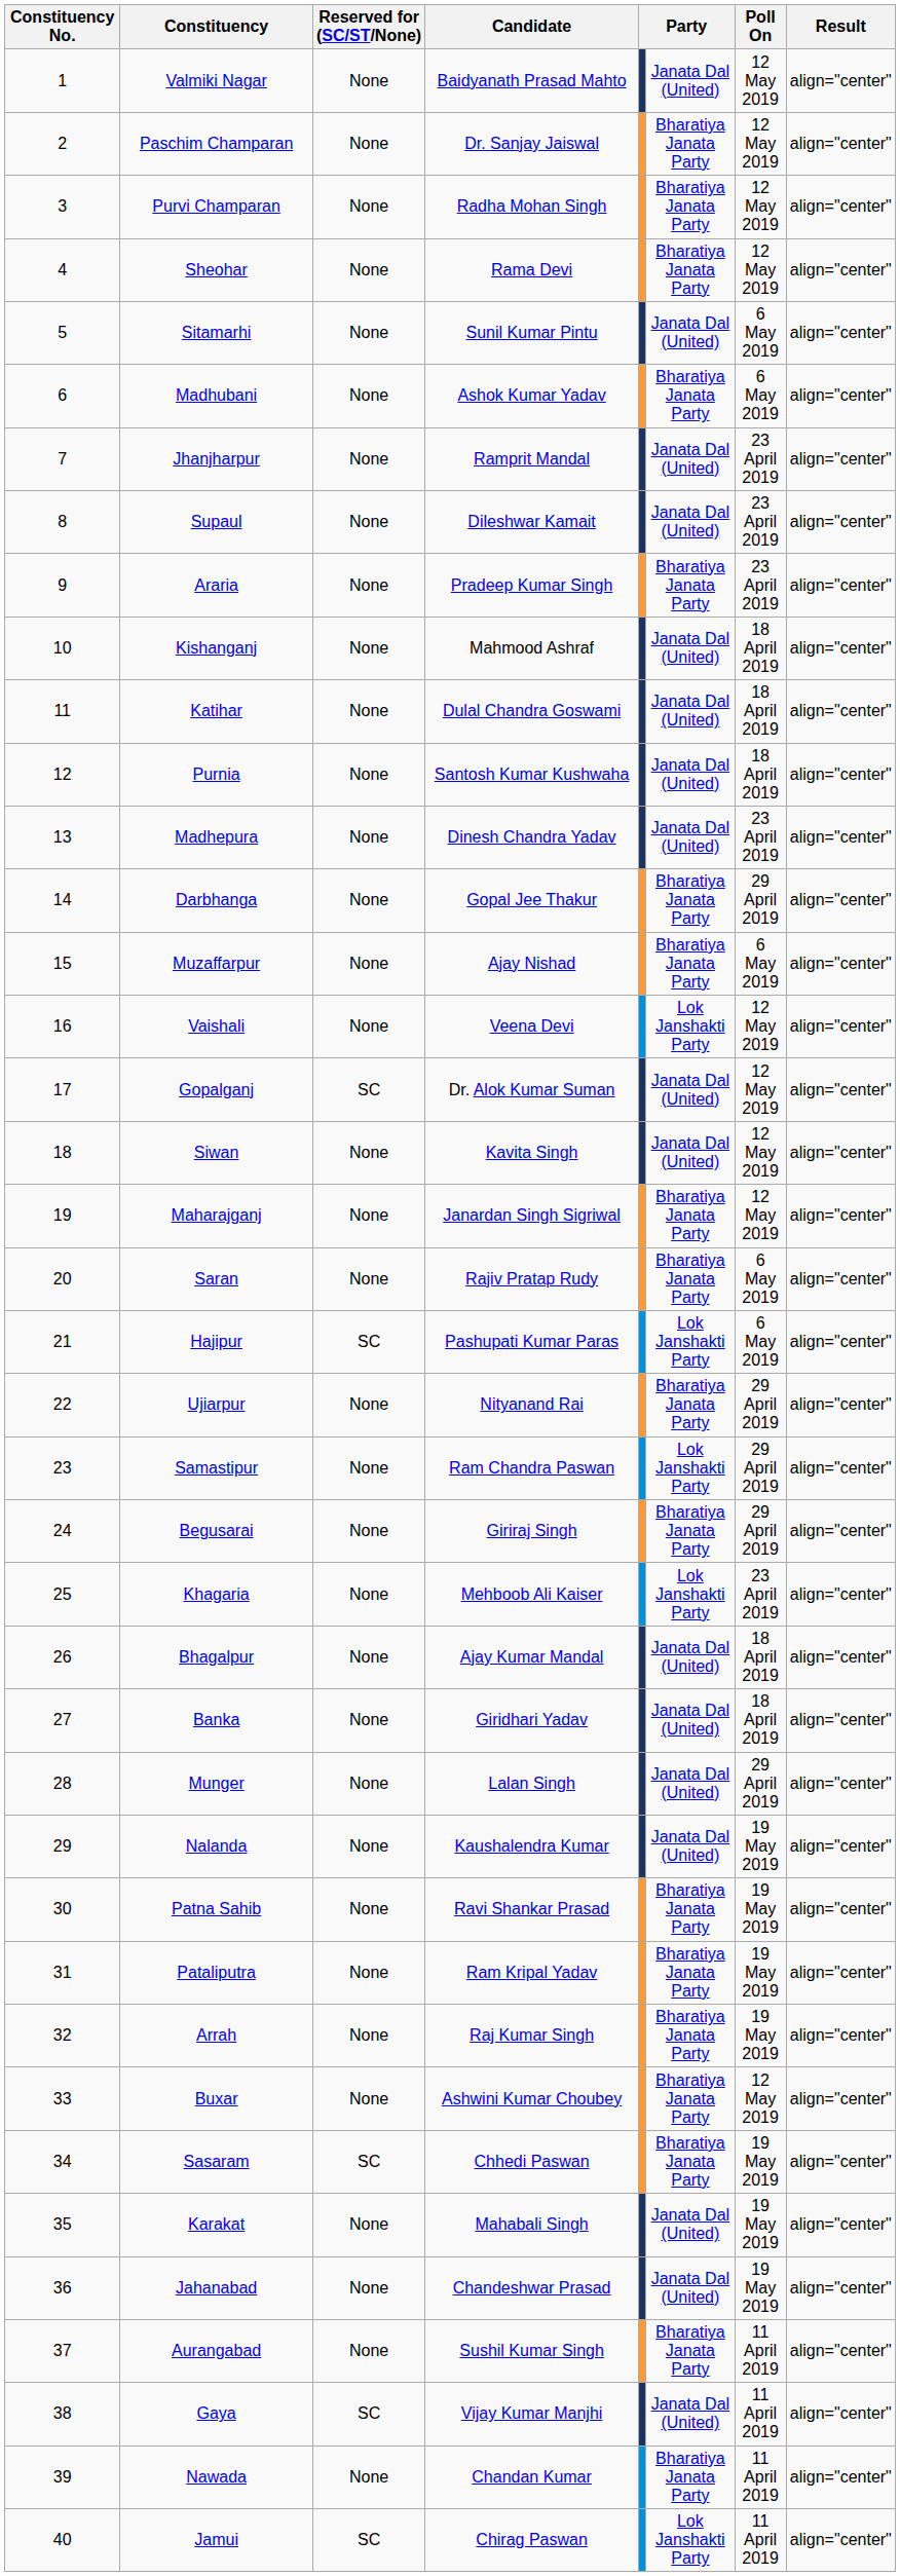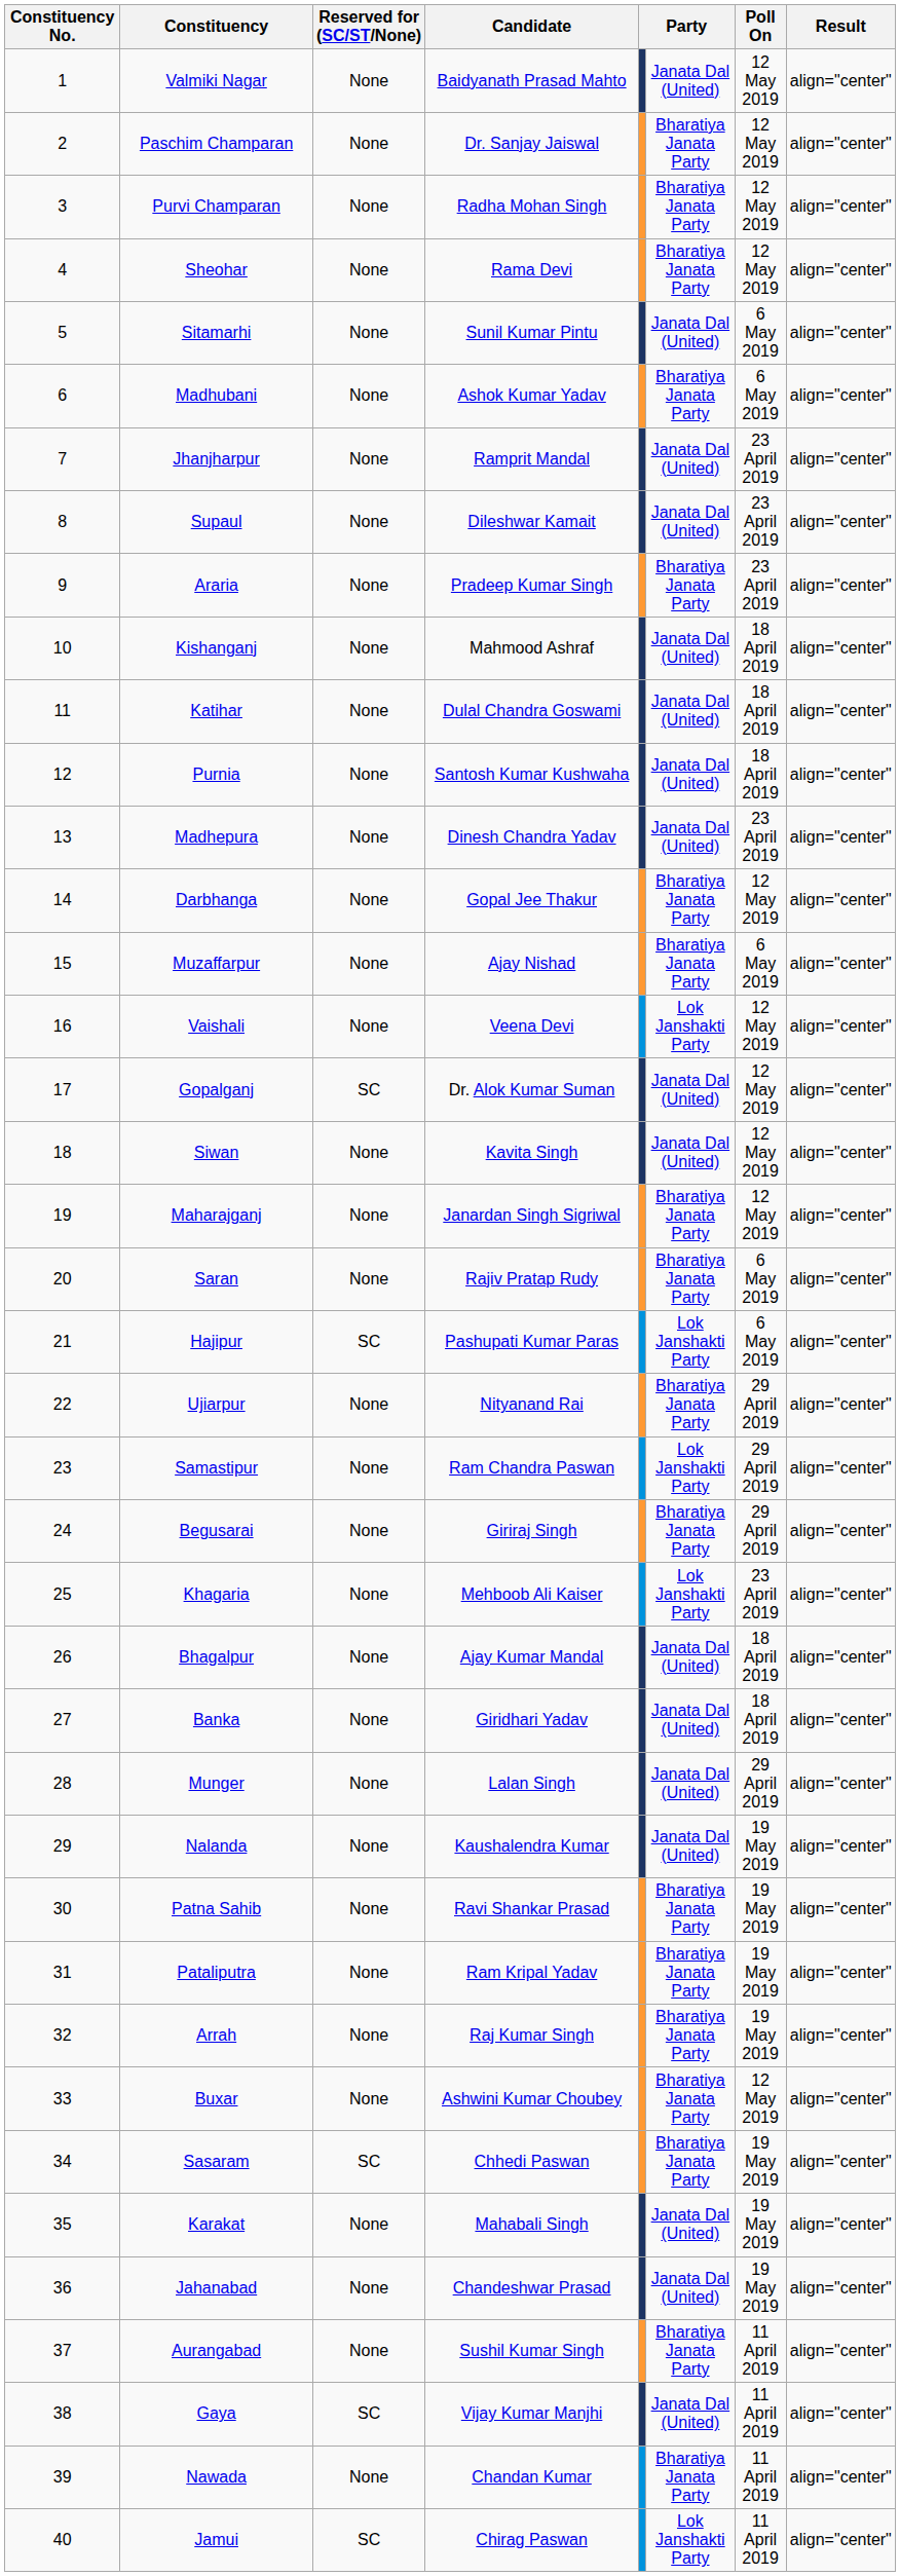 <table class="wikitable sortable" style="text-align:center;">
 <tr>
 <th>Constituency No.</th>
 <th style="width:180px;">Constituency</th>
 <th>Reserved for<br>(<a href='#'>SC/ST</a>/None)</th>
 <th style="width:200px;">Candidate</th>
 <th colspan="2">Party</th>
 <th>Poll On</th>
 <th>Result</th>
 </tr>
 <tr>
 <td align="center">1</td>
 <td><a href='#'>Valmiki Nagar</a></td>
 <td align="center">None</td>
 <td><a href='#'>Baidyanath Prasad Mahto</a></td>
 <td style="color:inherit;background:#1D3463"></td>
 <td><a href='#'>Janata Dal (United)</a></td>
 <td align="center">12 May 2019</td>
 <td>align="center" </td>
 </tr>
 <tr>
 <td align="center">2</td>
 <td><a href='#'>Paschim Champaran</a></td>
 <td align="center">None</td>
 <td><a href='#'>Dr. Sanjay Jaiswal</a></td>
 <td bgcolor=#FF9933></td>
 <td><a href='#'>Bharatiya Janata Party</a></td>
 <td align="center">12 May 2019</td>
 <td>align="center" </td>
 </tr>
 <tr>
 <td align="center">3</td>
 <td><a href='#'>Purvi Champaran</a></td>
 <td align="center">None</td>
 <td><a href='#'>Radha Mohan Singh</a></td>
 <td bgcolor=#FF9933></td>
 <td><a href='#'>Bharatiya Janata Party</a></td>
 <td align="center">12 May 2019</td>
 <td>align="center" </td>
 </tr>
 <tr>
 <td align="center">4</td>
 <td><a href='#'>Sheohar</a></td>
 <td align="center">None</td>
 <td><a href='#'>Rama Devi</a></td>
 <td bgcolor=#FF9933></td>
 <td><a href='#'>Bharatiya Janata Party</a></td>
 <td align="center">12 May 2019</td>
 <td>align="center" </td>
 </tr>
 <tr>
 <td align="center">5</td>
 <td><a href='#'>Sitamarhi</a></td>
 <td align="center">None</td>
 <td><a href='#'>Sunil Kumar Pintu</a></td>
 <td bgcolor=#1D3463></td>
 <td><a href='#'>Janata Dal (United)</a></td>
 <td align="center">6 May 2019</td>
 <td>align="center" </td>
 </tr>
 <tr>
 <td align="center">6</td>
 <td><a href='#'>Madhubani</a></td>
 <td align="center">None</td>
 <td><a href='#'>Ashok Kumar Yadav</a></td>
 <td bgcolor=#FF9933></td>
 <td><a href='#'>Bharatiya Janata Party</a></td>
 <td align="center">6 May 2019</td>
 <td>align="center" </td>
 </tr>
 <tr>
 <td align="center">7</td>
 <td><a href='#'>Jhanjharpur</a></td>
 <td align="center">None</td>
 <td><a href='#'>Ramprit Mandal</a></td>
 <td bgcolor=#1D3463></td>
 <td><a href='#'>Janata Dal (United)</a></td>
 <td align="center">23 April 2019</td>
 <td>align="center" </td>
 </tr>
 <tr>
 <td align="center">8</td>
 <td><a href='#'>Supaul</a></td>
 <td align="center">None</td>
 <td><a href='#'>Dileshwar Kamait</a></td>
 <td bgcolor=#1D3463></td>
 <td><a href='#'>Janata Dal (United)</a></td>
 <td align="center">23 April 2019</td>
 <td>align="center" </td>
 </tr>
 <tr>
 <td align="center">9</td>
 <td><a href='#'>Araria</a></td>
 <td align="center">None</td>
 <td><a href='#'>Pradeep Kumar Singh</a></td>
 <td bgcolor=#FF9933></td>
 <td><a href='#'>Bharatiya Janata Party</a></td>
 <td align="center">23 April 2019</td>
 <td>align="center" </td>
 </tr>
 <tr>
 <td align="center">10</td>
 <td><a href='#'>Kishanganj</a></td>
 <td align="center">None</td>
 <td>Mahmood Ashraf</td>
 <td bgcolor=#1D3463></td>
 <td><a href='#'>Janata Dal (United)</a></td>
 <td align="center">18 April 2019</td>
 <td>align="center" </td>
 </tr>
 <tr>
 <td align="center">11</td>
 <td><a href='#'>Katihar</a></td>
 <td align="center">None</td>
 <td><a href='#'>Dulal Chandra Goswami</a></td>
 <td bgcolor=#1D3463></td>
 <td><a href='#'>Janata Dal (United)</a></td>
 <td align="center">18 April 2019</td>
 <td>align="center" </td>
 </tr>
 <tr>
 <td align="center">12</td>
 <td><a href='#'>Purnia</a></td>
 <td align="center">None</td>
 <td><a href='#'>Santosh Kumar Kushwaha</a></td>
 <td bgcolor=#1D3463></td>
 <td><a href='#'>Janata Dal (United)</a></td>
 <td align="center">18 April 2019</td>
 <td>align="center" </td>
 </tr>
 <tr>
 <td align="center">13</td>
 <td><a href='#'>Madhepura</a></td>
 <td align="center">None</td>
 <td><a href='#'>Dinesh Chandra Yadav</a></td>
 <td bgcolor=#1D3463></td>
 <td><a href='#'>Janata Dal (United)</a></td>
 <td align="center">23 April 2019</td>
 <td>align="center" </td>
 </tr>
 <tr>
 <td align="center">14</td>
 <td><a href='#'>Darbhanga</a></td>
 <td align="center">None</td>
 <td><a href='#'>Gopal Jee Thakur</a></td>
 <td bgcolor=#FF9933></td>
 <td><a href='#'>Bharatiya Janata Party</a></td>
-<td align="center">29 April 2019</td>
+<td align="center">12 May 2019</td>
 <td>align="center" </td>
 </tr>
 <tr>
 <td align="center">15</td>
 <td><a href='#'>Muzaffarpur</a></td>
 <td align="center">None</td>
 <td><a href='#'>Ajay Nishad</a></td>
 <td bgcolor=#FF9933></td>
 <td><a href='#'>Bharatiya Janata Party</a></td>
 <td align="center">6 May 2019</td>
 <td>align="center" </td>
 </tr>
 <tr>
 <td align="center">16</td>
 <td><a href='#'>Vaishali</a></td>
 <td align="center">None</td>
 <td><a href='#'>Veena Devi</a></td>
 <td bgcolor=#0093DD></td>
 <td><a href='#'>Lok Janshakti Party</a></td>
 <td align="center">12 May 2019</td>
 <td>align="center" </td>
 </tr>
 <tr>
 <td align="center">17</td>
 <td><a href='#'>Gopalganj</a></td>
 <td align="center">SC</td>
 <td>Dr. <a href='#'>Alok Kumar Suman</a></td>
 <td bgcolor=#1D3463></td>
 <td><a href='#'>Janata Dal (United)</a></td>
 <td align="center">12 May 2019</td>
 <td>align="center" </td>
 </tr>
 <tr>
 <td align="center">18</td>
 <td><a href='#'>Siwan</a></td>
 <td align="center">None</td>
 <td><a href='#'>Kavita Singh</a></td>
 <td bgcolor=#1D3463></td>
 <td><a href='#'>Janata Dal (United)</a></td>
 <td align="center">12 May 2019</td>
 <td>align="center" </td>
 </tr>
 <tr>
 <td align="center">19</td>
 <td><a href='#'>Maharajganj</a></td>
 <td align="center">None</td>
 <td><a href='#'>Janardan Singh Sigriwal</a></td>
 <td bgcolor=#FF9933></td>
 <td><a href='#'>Bharatiya Janata Party</a></td>
 <td align="center">12 May 2019</td>
 <td>align="center" </td>
 </tr>
 <tr>
 <td align="center">20</td>
 <td><a href='#'>Saran</a></td>
 <td align="center">None</td>
 <td><a href='#'>Rajiv Pratap Rudy</a></td>
 <td bgcolor=#FF9933></td>
 <td><a href='#'>Bharatiya Janata Party</a></td>
 <td align="center">6 May 2019</td>
 <td>align="center" </td>
 </tr>
 <tr>
 <td align="center">21</td>
 <td><a href='#'>Hajipur</a></td>
 <td align="center">SC</td>
 <td><a href='#'>Pashupati Kumar Paras</a></td>
 <td bgcolor=#0093DD></td>
 <td><a href='#'>Lok Janshakti Party</a></td>
 <td align="center">6 May 2019</td>
 <td>align="center" </td>
 </tr>
 <tr>
 <td align="center">22</td>
 <td><a href='#'>Ujiarpur</a></td>
 <td align="center">None</td>
 <td><a href='#'>Nityanand Rai</a></td>
 <td bgcolor=#FF9933></td>
 <td><a href='#'>Bharatiya Janata Party</a></td>
 <td align="center">29 April 2019</td>
 <td>align="center" </td>
 </tr>
 <tr>
 <td align="center">23</td>
 <td><a href='#'>Samastipur</a></td>
 <td align="center">None</td>
 <td><a href='#'>Ram Chandra Paswan</a></td>
 <td bgcolor=#0093DD></td>
 <td><a href='#'>Lok Janshakti Party</a></td>
 <td align="center">29 April 2019</td>
 <td>align="center" </td>
 </tr>
 <tr>
 <td align="center">24</td>
 <td><a href='#'>Begusarai</a></td>
 <td align="center">None</td>
 <td><a href='#'>Giriraj Singh</a></td>
 <td bgcolor=#FF9933></td>
 <td><a href='#'>Bharatiya Janata Party</a></td>
 <td align="center">29 April 2019</td>
 <td>align="center" </td>
 </tr>
 <tr>
 <td align="center">25</td>
 <td><a href='#'>Khagaria</a></td>
 <td align="center">None</td>
 <td><a href='#'>Mehboob Ali Kaiser</a></td>
 <td bgcolor=#0093DD></td>
 <td><a href='#'>Lok Janshakti Party</a></td>
 <td align="center">23 April 2019</td>
 <td>align="center" </td>
 </tr>
 <tr>
 <td align="center">26</td>
 <td><a href='#'>Bhagalpur</a></td>
 <td align="center">None</td>
 <td><a href='#'>Ajay Kumar Mandal</a></td>
 <td bgcolor=#1D3463></td>
 <td><a href='#'>Janata Dal (United)</a></td>
 <td align="center">18 April 2019</td>
 <td>align="center" </td>
 </tr>
 <tr>
 <td align="center">27</td>
 <td><a href='#'>Banka</a></td>
 <td align="center">None</td>
 <td><a href='#'>Giridhari Yadav</a></td>
 <td bgcolor=#1D3463></td>
 <td><a href='#'>Janata Dal (United)</a></td>
 <td align="center">18 April 2019</td>
 <td>align="center" </td>
 </tr>
 <tr>
 <td align="center">28</td>
 <td><a href='#'>Munger</a></td>
 <td align="center">None</td>
 <td><a href='#'>Lalan Singh</a></td>
 <td bgcolor=#1D3463></td>
 <td><a href='#'>Janata Dal (United)</a></td>
 <td align="center">29 April 2019</td>
 <td>align="center" </td>
 </tr>
 <tr>
 <td align="center">29</td>
 <td><a href='#'>Nalanda</a></td>
 <td align="center">None</td>
 <td><a href='#'>Kaushalendra Kumar</a></td>
 <td bgcolor=#1D3463></td>
 <td><a href='#'>Janata Dal (United)</a></td>
 <td align="center">19 May 2019</td>
 <td>align="center" </td>
 </tr>
 <tr>
 <td align="center">30</td>
 <td><a href='#'>Patna Sahib</a></td>
 <td align="center">None</td>
 <td><a href='#'>Ravi Shankar Prasad</a></td>
 <td bgcolor=#FF9933></td>
 <td><a href='#'>Bharatiya Janata Party</a></td>
 <td align="center">19 May 2019</td>
 <td>align="center" </td>
 </tr>
 <tr>
 <td align="center">31</td>
 <td><a href='#'>Pataliputra</a></td>
 <td align="center">None</td>
 <td><a href='#'>Ram Kripal Yadav</a></td>
 <td bgcolor=#FF9933></td>
 <td><a href='#'>Bharatiya Janata Party</a></td>
 <td align="center">19 May 2019</td>
 <td>align="center" </td>
 </tr>
 <tr>
 <td align="center">32</td>
 <td><a href='#'>Arrah</a></td>
 <td align="center">None</td>
 <td><a href='#'>Raj Kumar Singh</a></td>
 <td bgcolor=#FF9933></td>
 <td><a href='#'>Bharatiya Janata Party</a></td>
 <td align="center">19 May 2019</td>
 <td>align="center" </td>
 </tr>
 <tr>
 <td align="center">33</td>
 <td><a href='#'>Buxar</a></td>
 <td align="center">None</td>
 <td><a href='#'>Ashwini Kumar Choubey</a></td>
 <td bgcolor=#FF9933></td>
 <td><a href='#'>Bharatiya Janata Party</a></td>
 <td align="center">12 May 2019</td>
 <td>align="center" </td>
 </tr>
 <tr>
 <td align="center">34</td>
 <td><a href='#'>Sasaram</a></td>
 <td align="center">SC</td>
 <td><a href='#'>Chhedi Paswan</a></td>
 <td bgcolor=#FF9933></td>
 <td><a href='#'>Bharatiya Janata Party</a></td>
 <td align="center">19 May 2019</td>
 <td>align="center" </td>
 </tr>
 <tr>
 <td align="center">35</td>
 <td><a href='#'>Karakat</a></td>
 <td align="center">None</td>
 <td><a href='#'>Mahabali Singh</a></td>
 <td bgcolor=#1D3463></td>
 <td><a href='#'>Janata Dal (United)</a></td>
 <td align="center">19 May 2019</td>
 <td>align="center" </td>
 </tr>
 <tr>
 <td align="center">36</td>
 <td><a href='#'>Jahanabad</a></td>
 <td align="center">None</td>
 <td><a href='#'>Chandeshwar Prasad</a></td>
 <td bgcolor=#1D3463></td>
 <td><a href='#'>Janata Dal (United)</a></td>
 <td align="center">19 May 2019</td>
 <td>align="center" </td>
 </tr>
 <tr>
 <td align="center">37</td>
 <td><a href='#'>Aurangabad</a></td>
 <td align="center">None</td>
 <td><a href='#'>Sushil Kumar Singh</a></td>
 <td bgcolor=#FF9933></td>
 <td><a href='#'>Bharatiya Janata Party</a></td>
 <td align="center">11 April 2019</td>
 <td>align="center" </td>
 </tr>
 <tr>
 <td align="center">38</td>
 <td><a href='#'>Gaya</a></td>
 <td align="center">SC</td>
 <td><a href='#'>Vijay Kumar Manjhi</a></td>
 <td bgcolor=#1D3463></td>
 <td><a href='#'>Janata Dal (United)</a></td>
 <td align="center">11 April 2019</td>
 <td>align="center" </td>
 </tr>
 <tr>
 <td align="center">39</td>
 <td><a href='#'>Nawada</a></td>
 <td align="center">None</td>
 <td><a href='#'>Chandan Kumar</a></td>
 <td bgcolor=#0093DD></td>
 <td><a href='#'>Bharatiya Janata Party</a></td>
 <td align="center">11 April 2019</td>
 <td>align="center" </td>
 </tr>
 <tr>
 <td align="center">40</td>
 <td><a href='#'>Jamui</a></td>
 <td align="center">SC</td>
 <td><a href='#'>Chirag Paswan</a></td>
 <td bgcolor=#0093DD></td>
 <td><a href='#'>Lok Janshakti Party</a></td>
 <td align="center">11 April 2019</td>
 <td>align="center" </td>
 </tr>
 </table>
